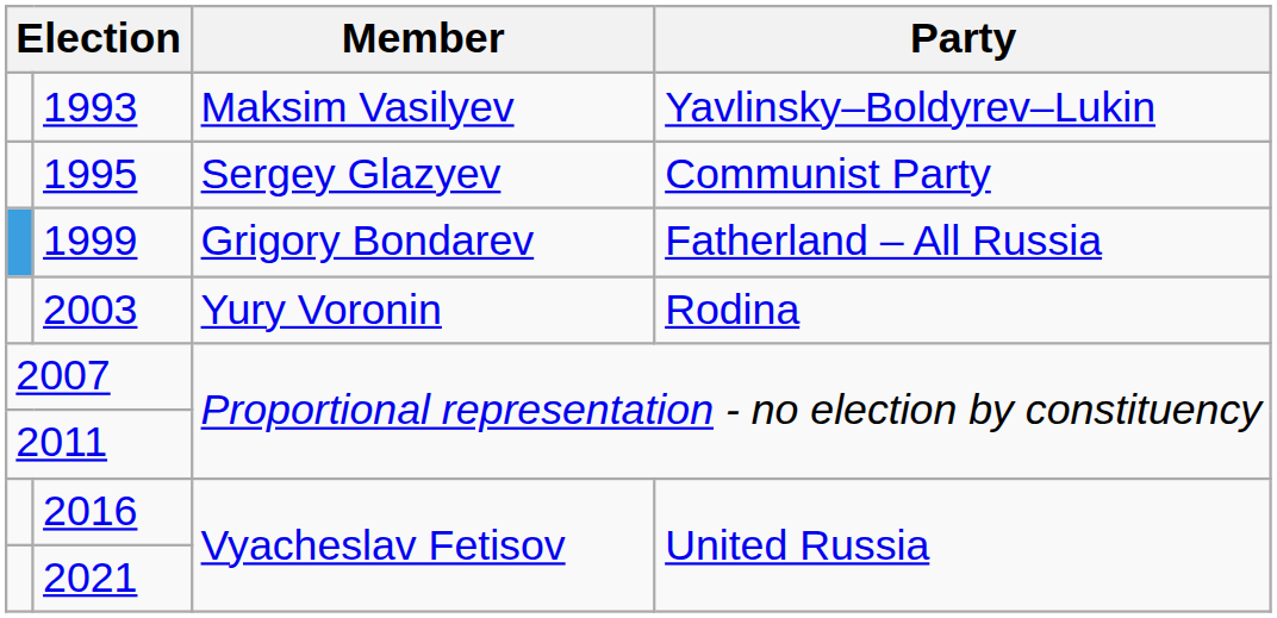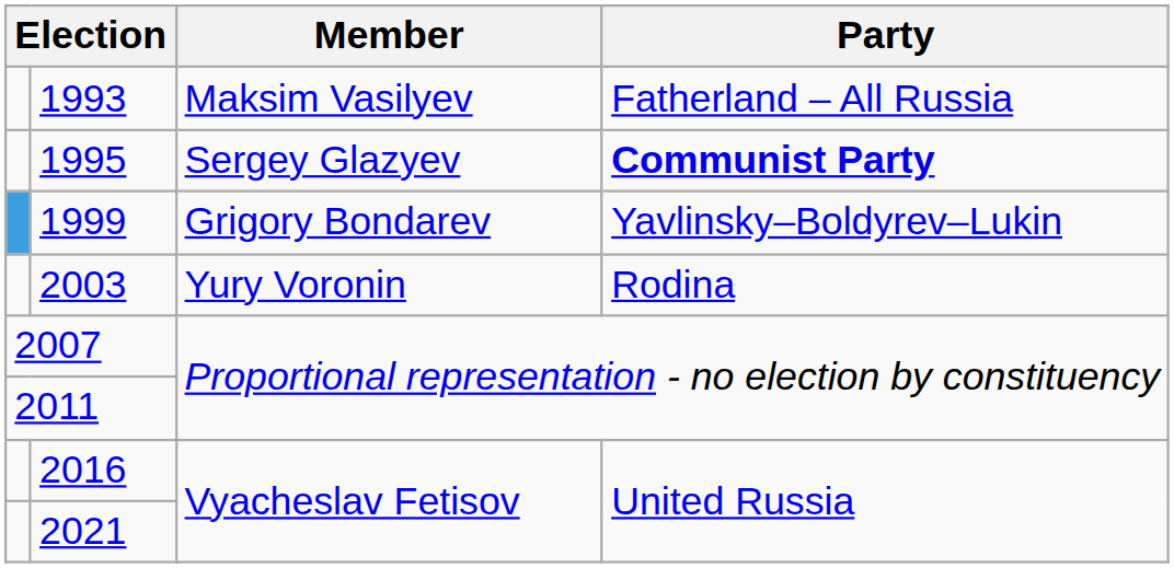 <table class="wikitable">
 <tr>
 <th colspan="2">Election</th>
 <th>Member</th>
 <th>Party</th>
 </tr>
 <tr>
 <td style="background-color:"></td>
 <td><a href='#'>1993</a></td>
 <td><a href='#'>Maksim Vasilyev</a></td>
-<td><a href='#'>Yavlinsky–Boldyrev–Lukin</a></td>
+<td><a href='#'>Fatherland – All Russia</a></td>
 </tr>
 <tr>
 <td style="background-color:"></td>
 <td><a href='#'>1995</a></td>
 <td><a href='#'>Sergey Glazyev</a></td>
-<td><a href='#'>Communist Party</a></td>
+<td><strong><a href='#'>Communist Party</a></strong></td>
 </tr>
 <tr>
 <td style="background-color:#3B9EDF"></td>
 <td><a href='#'>1999</a></td>
 <td><a href='#'>Grigory Bondarev</a></td>
-<td><a href='#'>Fatherland – All Russia</a></td>
+<td><a href='#'>Yavlinsky–Boldyrev–Lukin</a></td>
 </tr>
 <tr>
 <td style="background-color:"></td>
 <td><a href='#'>2003</a></td>
 <td><a href='#'>Yury Voronin</a></td>
 <td><a href='#'>Rodina</a></td>
 </tr>
 <tr>
 <td colspan=2><a href='#'>2007</a></td>
 <td colspan=2 rowspan=2><em><a href='#'>Proportional representation</a> - no election by constituency</em></td>
 </tr>
 <tr>
 <td colspan=2><a href='#'>2011</a></td>
 </tr>
 <tr>
 <td style="background-color:"></td>
 <td><a href='#'>2016</a></td>
 <td rowspan=2><a href='#'>Vyacheslav Fetisov</a></td>
 <td rowspan=2><a href='#'>United Russia</a></td>
 </tr>
 <tr>
 <td style="background-color:"></td>
 <td><a href='#'>2021</a></td>
 </tr>
 </table>
